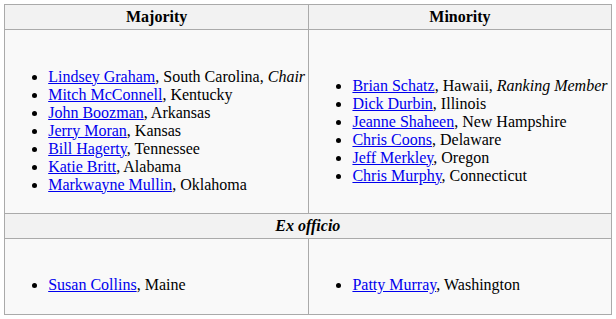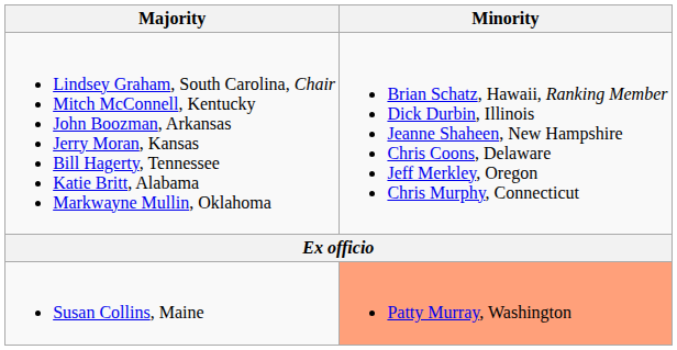 <table class=wikitable>
 <tr>
 <th>Majority</th>
 <th>Minority</th>
 </tr>
 <tr>
 <td><br><ul><li><a href='#'>Lindsey Graham</a>, South Carolina, <em>Chair</em></li><li><a href='#'>Mitch McConnell</a>, Kentucky</li><li><a href='#'>John Boozman</a>, Arkansas</li><li><a href='#'>Jerry Moran</a>, Kansas</li><li><a href='#'>Bill Hagerty</a>, Tennessee</li><li><a href='#'>Katie Britt</a>, Alabama</li><li><a href='#'>Markwayne Mullin</a>, Oklahoma</li></ul></td>
 <td><br><ul><li><a href='#'>Brian Schatz</a>, Hawaii, <em>Ranking Member</em></li><li><a href='#'>Dick Durbin</a>, Illinois</li><li><a href='#'>Jeanne Shaheen</a>, New Hampshire</li><li><a href='#'>Chris Coons</a>, Delaware</li><li><a href='#'>Jeff Merkley</a>, Oregon</li><li><a href='#'>Chris Murphy</a>, Connecticut</li></ul></td>
 </tr>
 <tr>
 <th colspan=2 align=center><em>Ex officio</em></th>
 </tr>
 <tr>
 <td><br><ul><li><a href='#'>Susan Collins</a>, Maine</li></ul></td>
-<td><br><ul><li><a href='#'>Patty Murray</a>, Washington</li></ul></td>
+<td style="background: lightsalmon;"><br><ul><li><a href='#'>Patty Murray</a>, Washington</li></ul></td>
 </tr>
 </table>
